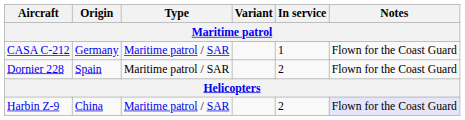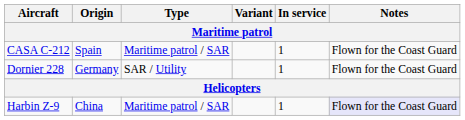 <table class="wikitable">
 <tr>
 <th style="text-align:center;">Aircraft</th>
 <th style="text-align: center;">Origin</th>
 <th style="text-align:l center;">Type</th>
 <th style="text-align:left;">Variant</th>
 <th style="text-align:center;">In service</th>
 <th style="text-align: center;">Notes</th>
 </tr>
 <tr>
 <th style="align: center;" colspan="7"><a href='#'>Maritime patrol</a></th>
 </tr>
 <tr>
 <td><a href='#'>CASA C-212</a></td>
-<td><a href='#'>Germany</a></td>
+<td><a href='#'>Spain</a></td>
 <td><a href='#'>Maritime patrol</a> / <a href='#'>SAR</a></td>
 <td></td>
 <td>1</td>
 <td>Flown for the Coast Guard</td>
 </tr>
 <tr>
 <td><a href='#'>Dornier 228</a></td>
-<td><a href='#'>Spain</a></td>
-<td>Maritime patrol / SAR</td>
+<td><a href='#'>Germany</a></td>
+<td>SAR / <a href='#'>Utility</a></td>
 <td></td>
-<td>2</td>
+<td>1</td>
 <td>Flown for the Coast Guard</td>
 </tr>
 <tr>
 <th style="align: center;" colspan="7"><a href='#'>Helicopters</a></th>
 </tr>
 <tr>
 <td><a href='#'>Harbin Z-9</a></td>
 <td><a href='#'>China</a></td>
 <td><a href='#'>Maritime patrol</a> / <a href='#'>SAR</a></td>
 <td></td>
-<td>2</td>
+<td>1</td>
 <td style="background: lavender;">Flown for the Coast Guard</td>
 </tr>
 </table>
